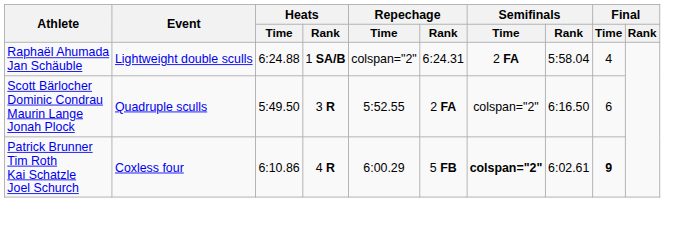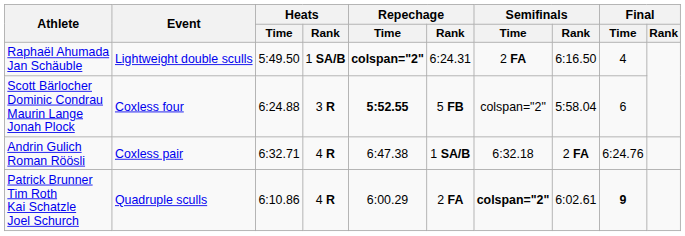 <table class=wikitable style=font-size:90%;text-align:center>
 <tr>
 <th rowspan=2>Athlete</th>
 <th rowspan=2>Event</th>
 <th colspan=2>Heats</th>
 <th colspan=2>Repechage</th>
 <th colspan=2>Semifinals</th>
 <th colspan=2>Final</th>
 </tr>
 <tr style=font-size:95%>
 <th>Time</th>
 <th>Rank</th>
 <th>Time</th>
 <th>Rank</th>
 <th>Time</th>
 <th>Rank</th>
 <th>Time</th>
 <th>Rank</th>
 </tr>
 <tr>
 <td align=left><a href='#'>Raphaël Ahumada</a><br><a href='#'>Jan Schäuble</a></td>
 <td align=left><a href='#'>Lightweight double sculls</a></td>
-<td>6:24.88</td>
+<td>5:49.50</td>
 <td>1 <strong>SA/B</strong></td>
-<td>colspan="2" </td>
+<td><strong>colspan="2" </strong></td>
 <td>6:24.31</td>
 <td>2 <strong>FA</strong></td>
-<td>5:58.04</td>
+<td>6:16.50</td>
 <td>4</td>
 </tr>
 <tr>
 <td align=left><a href='#'>Scott Bärlocher</a><br><a href='#'>Dominic Condrau</a><br><a href='#'>Maurin Lange</a><br><a href='#'>Jonah Plock</a></td>
-<td align=left><a href='#'>Quadruple sculls</a></td>
-<td>5:49.50</td>
+<td align=left><a href='#'>Coxless four</a></td>
+<td>6:24.88</td>
 <td>3 <strong>R</strong></td>
-<td>5:52.55</td>
-<td>2 <strong>FA</strong></td>
+<td><strong>5:52.55</strong></td>
+<td>5 <strong>FB</strong></td>
 <td>colspan="2" </td>
-<td>6:16.50</td>
+<td>5:58.04</td>
 <td>6</td>
 </tr>
 <tr>
+<td align=left><a href='#'>Andrin Gulich</a><br><a href='#'>Roman Röösli</a></td>
+<td align=left><a href='#'>Coxless pair</a></td>
+<td>6:32.71</td>
+<td>4 <strong>R</strong></td>
+<td>6:47.38</td>
+<td>1 <strong>SA/B</strong></td>
+<td>6:32.18</td>
+<td>2 <strong>FA</strong></td>
+<td>6:24.76</td>
+<td></td>
+</tr>
+<tr>
 <td align=left><a href='#'>Patrick Brunner</a><br><a href='#'>Tim Roth</a><br><a href='#'>Kai Schatzle</a><br><a href='#'>Joel Schurch</a></td>
-<td align=left><a href='#'>Coxless four</a></td>
+<td align=left><a href='#'>Quadruple sculls</a></td>
 <td>6:10.86</td>
 <td>4 <strong>R</strong></td>
 <td>6:00.29</td>
-<td>5 <strong>FB</strong></td>
+<td>2 <strong>FA</strong></td>
 <td><strong>colspan="2" </strong></td>
 <td>6:02.61</td>
 <td><strong>9</strong></td>
 </tr>
 </table>
